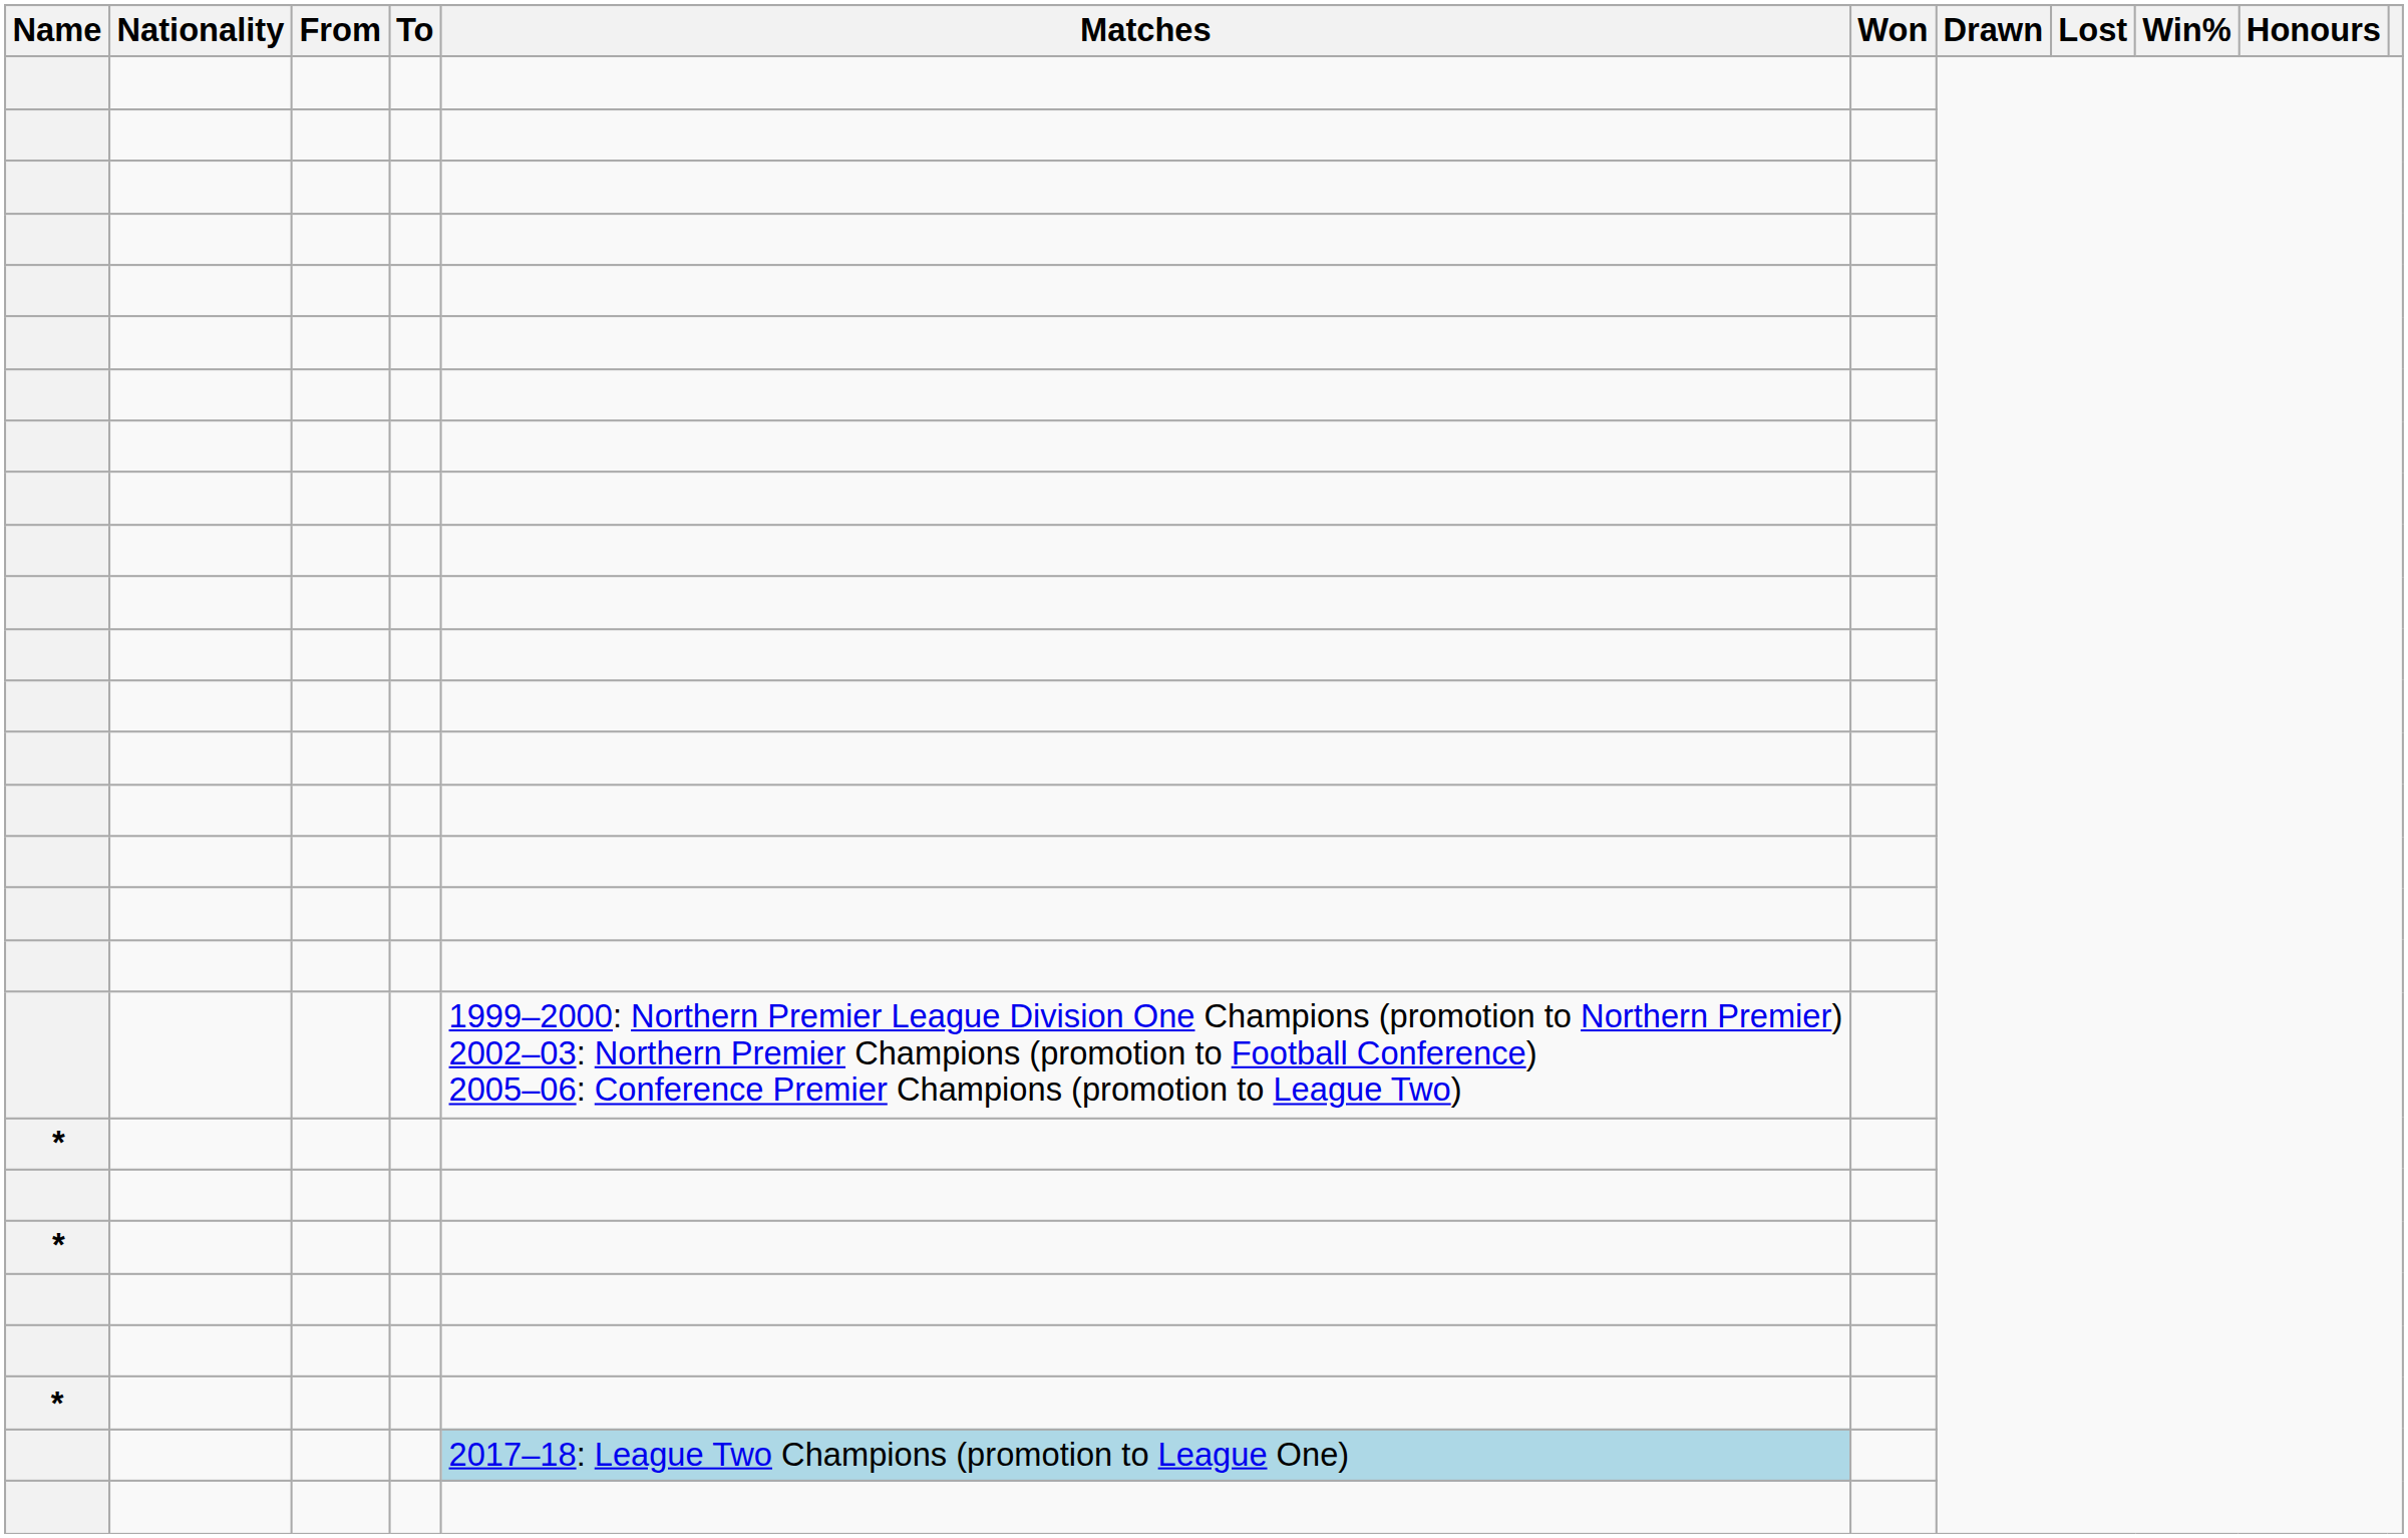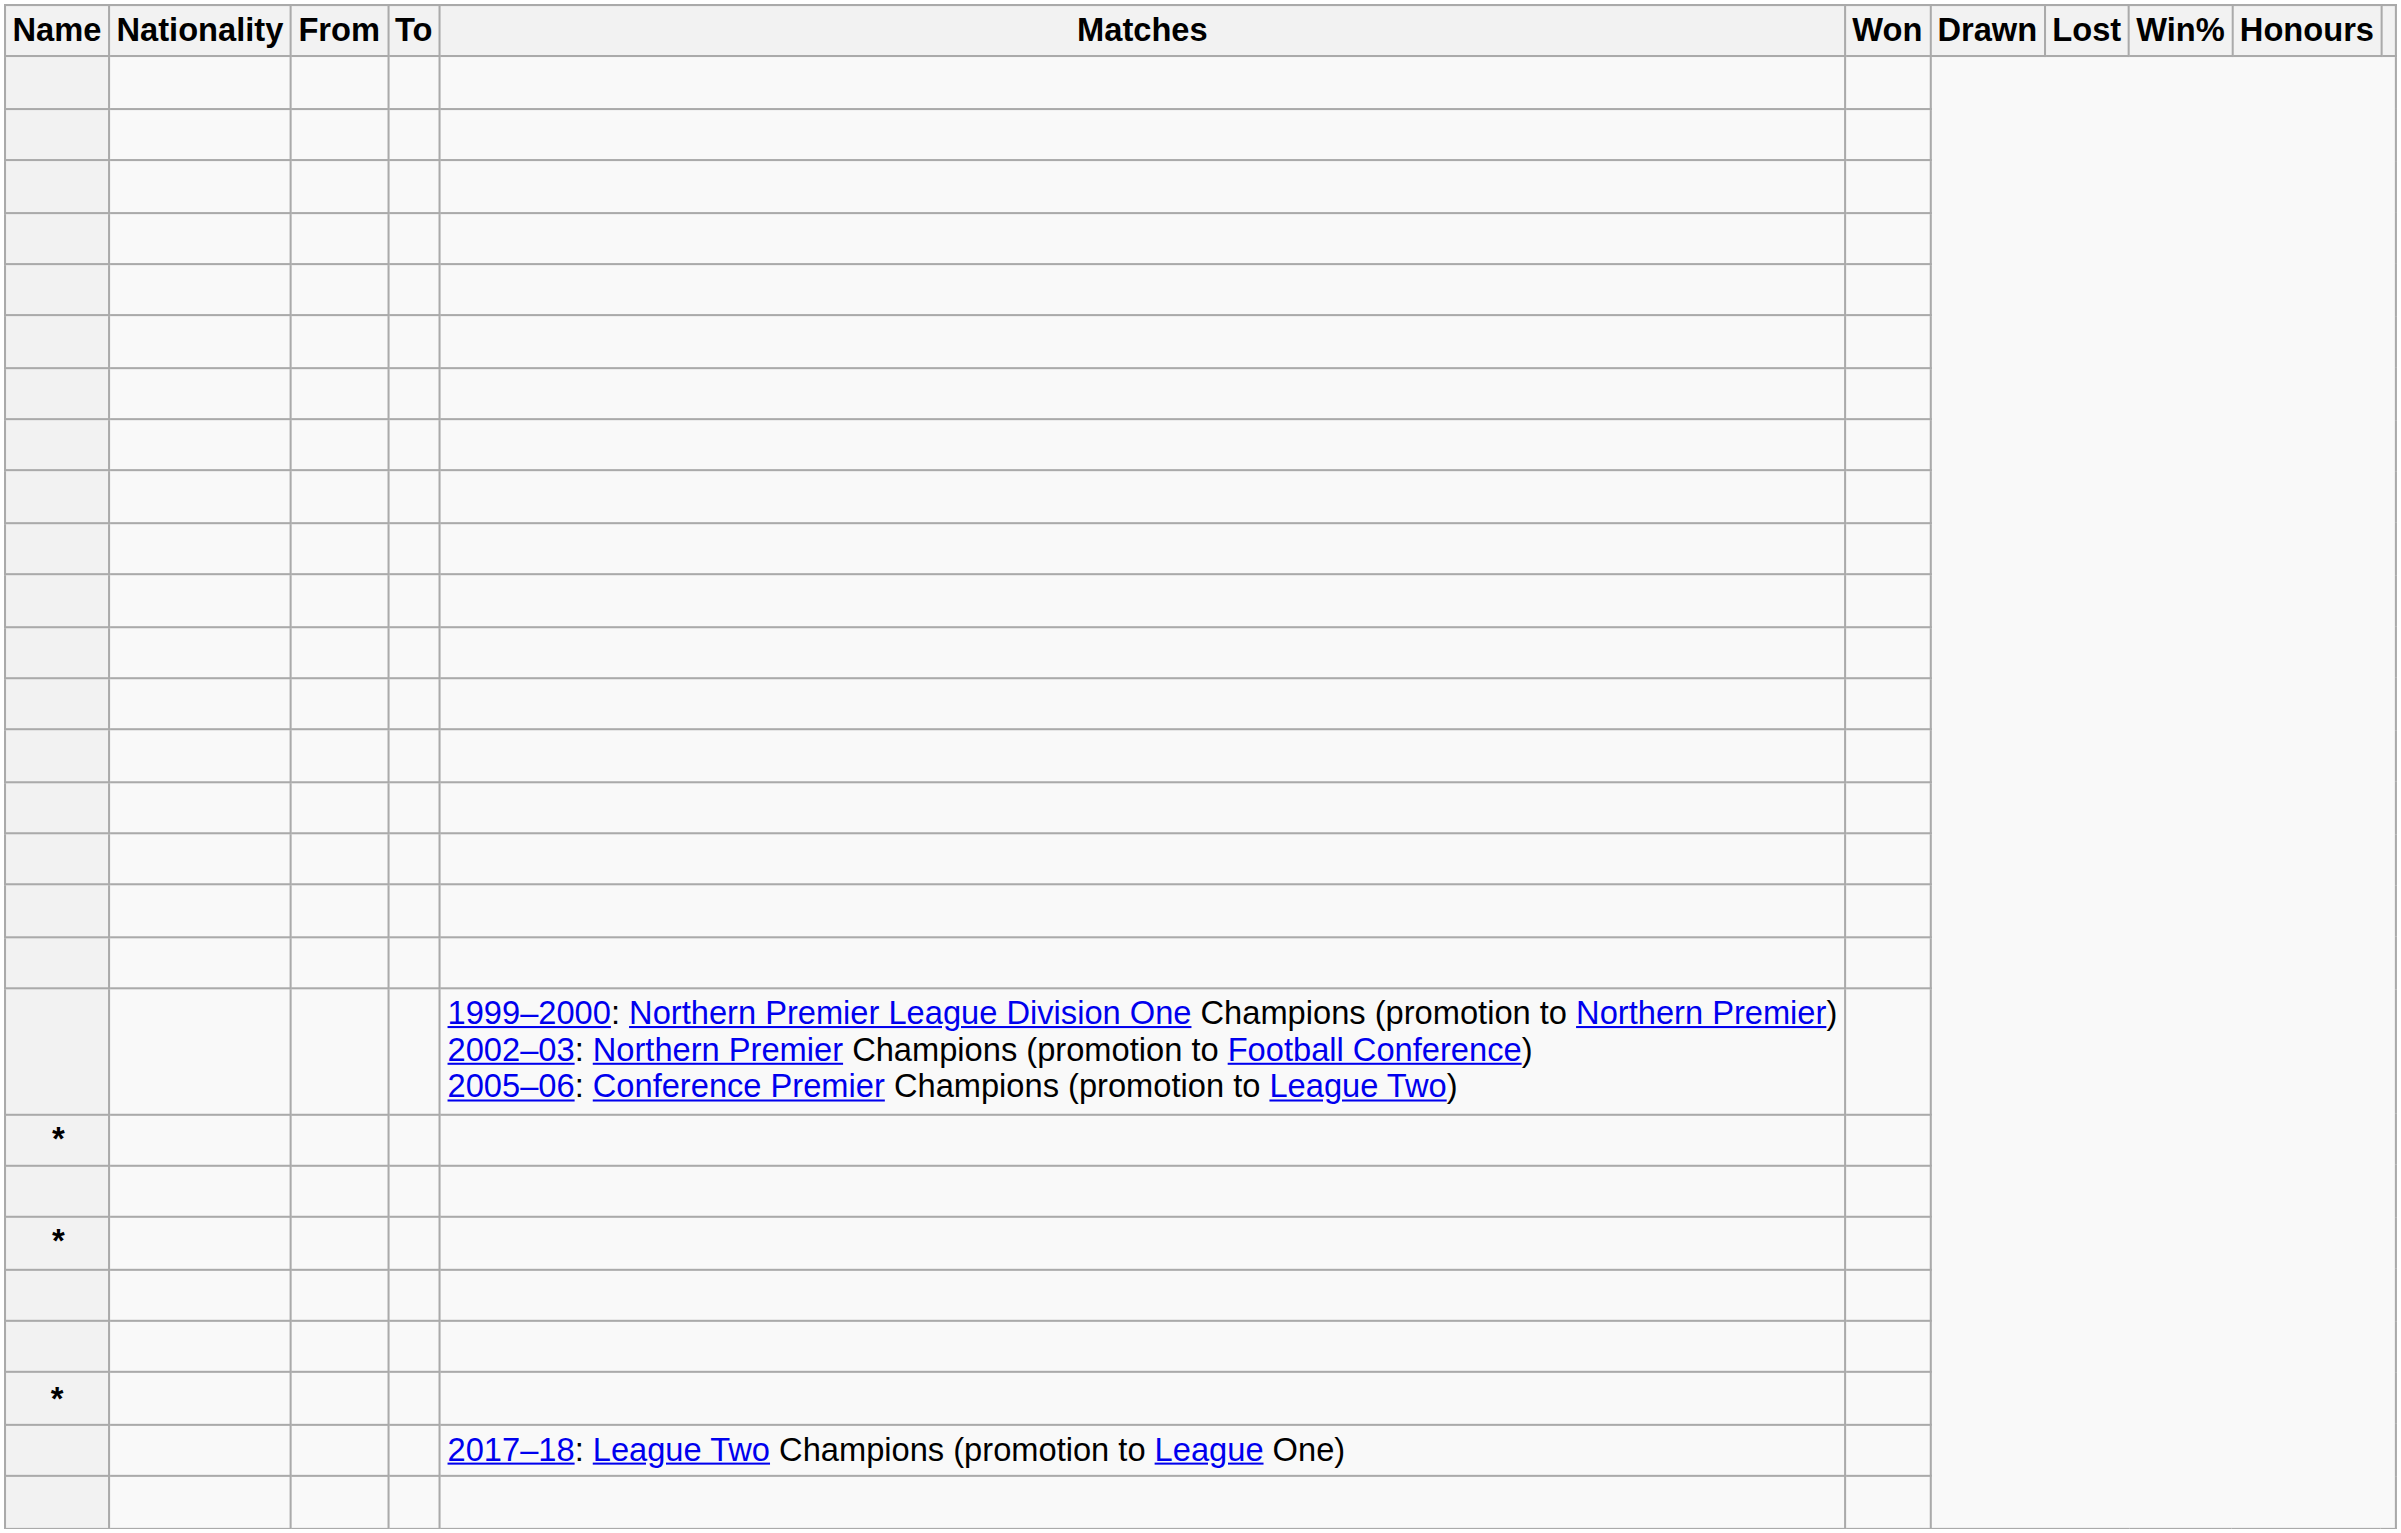 <table class="wikitable sortable plainrowheaders">
 <tr>
 </tr>
 <tr>
 <th scope="col">Name</th>
 <th scope="col">Nationality</th>
 <th scope="col">From</th>
 <th scope="col">To</th>
 <th scope="col">Matches</th>
 <th scope="col">Won</th>
 <th scope="col">Drawn</th>
 <th scope="col">Lost</th>
 <th scope="col">Win%</th>
 <th scope="col">Honours</th>
 <th scope="col" class="unsortable"></th>
 </tr>
 <tr>
 <th scope="row"></th>
 <td></td>
 <td></td>
 <td><br></td>
 <td></td>
 <td></td>
 </tr>
 <tr>
 <th scope="row"></th>
 <td></td>
 <td></td>
 <td><br></td>
 <td></td>
 <td></td>
 </tr>
 <tr>
 <th scope="row"></th>
 <td></td>
 <td></td>
 <td><br></td>
 <td></td>
 <td></td>
 </tr>
 <tr>
 <th scope="row"></th>
 <td></td>
 <td></td>
 <td><br></td>
 <td></td>
 <td></td>
 </tr>
 <tr>
 <th scope="row"></th>
 <td></td>
 <td></td>
 <td><br></td>
 <td></td>
 <td></td>
 </tr>
 <tr>
 <th scope="row"></th>
 <td></td>
 <td></td>
 <td><br></td>
 <td></td>
 <td></td>
 </tr>
 <tr>
 <th scope="row"> </th>
 <td></td>
 <td></td>
 <td><br></td>
 <td></td>
 <td></td>
 </tr>
 <tr>
 <th scope="row"></th>
 <td></td>
 <td></td>
 <td><br></td>
 <td></td>
 <td></td>
 </tr>
 <tr>
 <th scope="row"></th>
 <td></td>
 <td></td>
 <td><br></td>
 <td></td>
 <td></td>
 </tr>
 <tr>
 <th scope="row"></th>
 <td></td>
 <td></td>
 <td><br></td>
 <td></td>
 <td></td>
 </tr>
 <tr>
 <th scope="row"></th>
 <td></td>
 <td></td>
 <td><br></td>
 <td></td>
 <td></td>
 </tr>
 <tr>
 <th scope="row"></th>
 <td></td>
 <td></td>
 <td><br></td>
 <td></td>
 <td></td>
 </tr>
 <tr>
 <th scope="row"></th>
 <td></td>
 <td></td>
 <td><br></td>
 <td></td>
 <td></td>
 </tr>
 <tr>
 <th scope="row"></th>
 <td></td>
 <td></td>
 <td><br></td>
 <td></td>
 <td></td>
 </tr>
 <tr>
 <th scope="row"></th>
 <td></td>
 <td></td>
 <td><br></td>
 <td></td>
 <td></td>
 </tr>
 <tr>
 <th scope="row"></th>
 <td></td>
 <td></td>
 <td><br></td>
 <td></td>
 <td></td>
 </tr>
 <tr>
 <th scope="row"></th>
 <td></td>
 <td></td>
 <td><br></td>
 <td></td>
 <td></td>
 </tr>
 <tr>
 <th scope="row"></th>
 <td></td>
 <td></td>
 <td><br></td>
 <td></td>
 <td></td>
 </tr>
 <tr>
 <th scope="row"></th>
 <td></td>
 <td></td>
 <td><br></td>
 <td><a href='#'>1999–2000</a>: <a href='#'>Northern Premier League Division One</a> Champions (promotion to <a href='#'>Northern Premier</a>)<br><a href='#'>2002–03</a>: <a href='#'>Northern Premier</a> Champions (promotion to <a href='#'>Football Conference</a>)<br><a href='#'>2005–06</a>: <a href='#'>Conference Premier</a> Champions (promotion to <a href='#'>League Two</a>)</td>
 <td></td>
 </tr>
 <tr>
 <th scope="row"><em>*</em></th>
 <td></td>
 <td></td>
 <td><br></td>
 <td></td>
 <td></td>
 </tr>
 <tr>
 <th scope="row"></th>
 <td></td>
 <td></td>
 <td><br></td>
 <td></td>
 <td></td>
 </tr>
 <tr>
 <th scope="row"><em>*</em></th>
 <td></td>
 <td></td>
 <td><br></td>
 <td></td>
 <td></td>
 </tr>
 <tr>
 <th scope="row"></th>
 <td></td>
 <td></td>
 <td><br></td>
 <td></td>
 <td></td>
 </tr>
 <tr>
 <th scope="row"></th>
 <td></td>
 <td></td>
 <td><br></td>
 <td></td>
 <td></td>
 </tr>
 <tr>
 <th scope="row"><em></em>*</th>
 <td></td>
 <td></td>
 <td><br></td>
 <td></td>
 <td></td>
 </tr>
 <tr>
 <th scope="row"></th>
 <td></td>
 <td></td>
 <td><br></td>
-<td style="background: lightblue;"><a href='#'>2017–18</a>: <a href='#'>League Two</a> Champions (promotion to <a href='#'>League</a> One)</td>
+<td><a href='#'>2017–18</a>: <a href='#'>League Two</a> Champions (promotion to <a href='#'>League</a> One)</td>
 <td></td>
 </tr>
 <tr>
 <th scope="row"></th>
 <td></td>
 <td></td>
 <td><br></td>
 <td></td>
 <td></td>
 </tr>
 </table>
